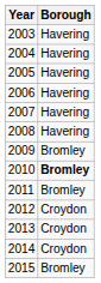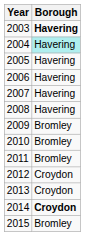 <table class="wikitable">
 <tr>
 <th>Year</th>
 <th>Borough</th>
 </tr>
 <tr>
 <td>2003</td>
-<td>Havering</td>
+<td><strong>Havering</strong></td>
 </tr>
 <tr>
 <td>2004</td>
-<td>Havering</td>
+<td style="background: paleturquoise;">Havering</td>
 </tr>
 <tr>
 <td>2005</td>
 <td>Havering</td>
 </tr>
 <tr>
 <td>2006</td>
 <td>Havering</td>
 </tr>
 <tr>
 <td>2007</td>
 <td>Havering</td>
 </tr>
 <tr>
 <td>2008</td>
 <td>Havering</td>
 </tr>
 <tr>
 <td>2009</td>
 <td>Bromley</td>
 </tr>
 <tr>
 <td>2010</td>
-<td><strong>Bromley</strong></td>
+<td>Bromley</td>
 </tr>
 <tr>
 <td>2011</td>
 <td>Bromley</td>
 </tr>
 <tr>
 <td>2012</td>
 <td>Croydon</td>
 </tr>
 <tr>
 <td>2013</td>
 <td>Croydon</td>
 </tr>
 <tr>
 <td>2014</td>
-<td>Croydon</td>
+<td><strong>Croydon</strong></td>
 </tr>
 <tr>
 <td>2015</td>
 <td>Bromley</td>
 </tr>
 </table>
